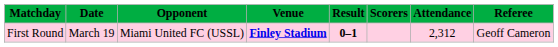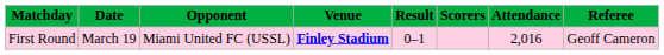 <table class="wikitable">
 <tr>
 <th style="background:#00AE42; color:black;">Matchday</th>
 <th style="background:#00AE42; color:black;">Date</th>
 <th style="background:#00AE42; color:black;">Opponent</th>
 <th style="background:#00AE42; color:black;">Venue</th>
 <th style="background:#00AE42; color:black;">Result</th>
 <th style="background:#00AE42; color:black;">Scorers</th>
 <th style="background:#00AE42; color:black;">Attendance</th>
 <th style="background:#00AE42; color:black;">Referee</th>
 </tr>
 <tr bgcolor = ffd0e3>
 <td align="center">First Round</td>
 <td align="center">March 19</td>
 <td align="center"> Miami United FC (USSL)</td>
 <td align="center"><strong><a href='#'>Finley Stadium</a></strong></td>
-<td align="center"><strong>0–1</strong></td>
+<td align="center">0–1</td>
 <td align="center"></td>
-<td align="center">2,312</td>
+<td align="center">2,016</td>
 <td align="center">Geoff Cameron</td>
 </tr>
 </table>
